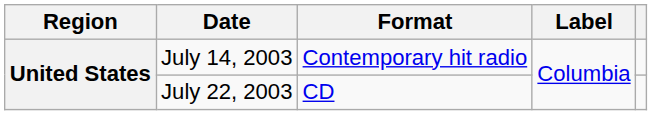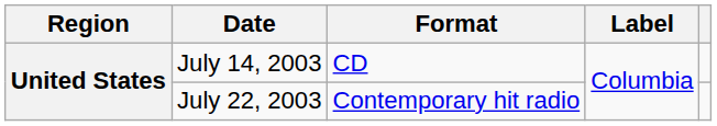 <table class="wikitable plainrowheaders">
 <tr>
 <th scope="col">Region</th>
 <th scope="col">Date</th>
 <th scope="col">Format</th>
 <th scope="col">Label</th>
 <th scope="col"></th>
 </tr>
 <tr>
 <th scope="row" rowspan="2">United States</th>
 <td>July 14, 2003</td>
-<td><a href='#'>Contemporary hit radio</a></td>
+<td><a href='#'>CD</a></td>
 <td rowspan="2"><a href='#'>Columbia</a></td>
 <td></td>
 </tr>
 <tr>
 <td>July 22, 2003</td>
-<td><a href='#'>CD</a></td>
+<td><a href='#'>Contemporary hit radio</a></td>
 <td></td>
 </tr>
 </table>
